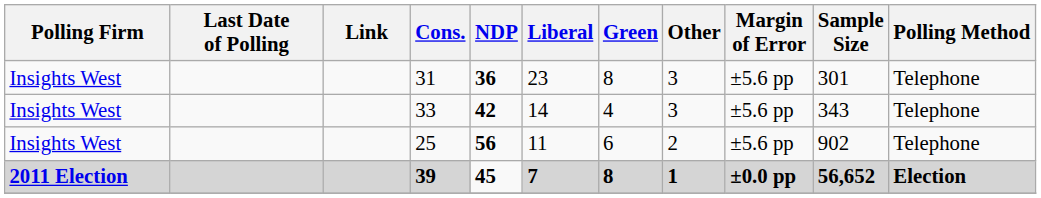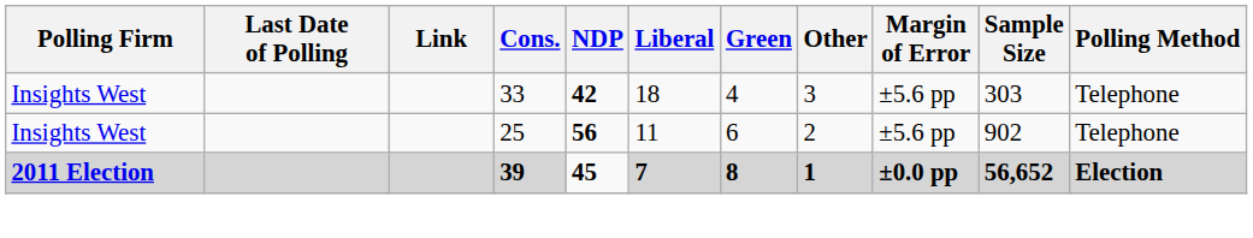 <table class="wikitable sortable">
 <tr style="background:#e9e9e9;">
 <th style="width:120px">Polling Firm</th>
 <th style="width:110px">Last Date<br>of Polling</th>
 <th style="width:60px" class="unsortable">Link</th>
 <th style="background-color:"><strong><a href='#'>Cons.</a></strong></th>
 <th style="background-color:"><strong><a href='#'>NDP</a></strong></th>
 <th style="background-color:"><strong><a href='#'>Liberal</a></strong></th>
 <th style="background-color:"><strong><a href='#'>Green</a></strong></th>
 <th style="background-color:"><strong>Other</strong></th>
 <th style="width:60px;" class=unsortable>Margin<br>of Error</th>
 <th style="width:50px;" class=unsortable>Sample<br>Size</th>
 <th class=unsortable>Polling Method</th>
 </tr>
 <tr>
 <td><a href='#'>Insights West</a></td>
 <td></td>
 <td></td>
-<td>31</td>
-<td><strong>36</strong></td>
-<td>23</td>
-<td>8</td>
-<td>3</td>
-<td>±5.6 pp</td>
-<td>301</td>
-<td>Telephone</td>
-</tr>
-<tr>
-<td><a href='#'>Insights West</a></td>
-<td></td>
-<td></td>
 <td>33</td>
 <td><strong>42</strong></td>
-<td>14</td>
+<td>18</td>
 <td>4</td>
 <td>3</td>
 <td>±5.6 pp</td>
-<td>343</td>
+<td>303</td>
 <td>Telephone</td>
 </tr>
 <tr>
 <td><a href='#'>Insights West</a></td>
 <td></td>
 <td></td>
 <td>25</td>
 <td><strong>56</strong></td>
 <td>11</td>
 <td>6</td>
 <td>2</td>
 <td>±5.6 pp</td>
 <td>902</td>
 <td>Telephone</td>
 </tr>
 <tr>
 <td style="background:#D5D5D5"><strong><a href='#'>2011 Election</a></strong></td>
 <td style="background:#D5D5D5"><strong></strong></td>
 <td style="background:#D5D5D5"></td>
 <td style="background:#D5D5D5"><strong>39</strong></td>
 <td><strong>45</strong></td>
 <td style="background:#D5D5D5"><strong>7</strong></td>
 <td style="background:#D5D5D5"><strong>8</strong></td>
 <td style="background:#D5D5D5"><strong>1</strong></td>
 <td style="background:#D5D5D5"><strong>±0.0 pp</strong></td>
 <td style="background:#D5D5D5"><strong>56,652</strong></td>
 <td style="background:#D5D5D5"><strong>Election</strong></td>
 </tr>
 <tr>
 </tr>
 <tr>
 </tr>
 </table>
